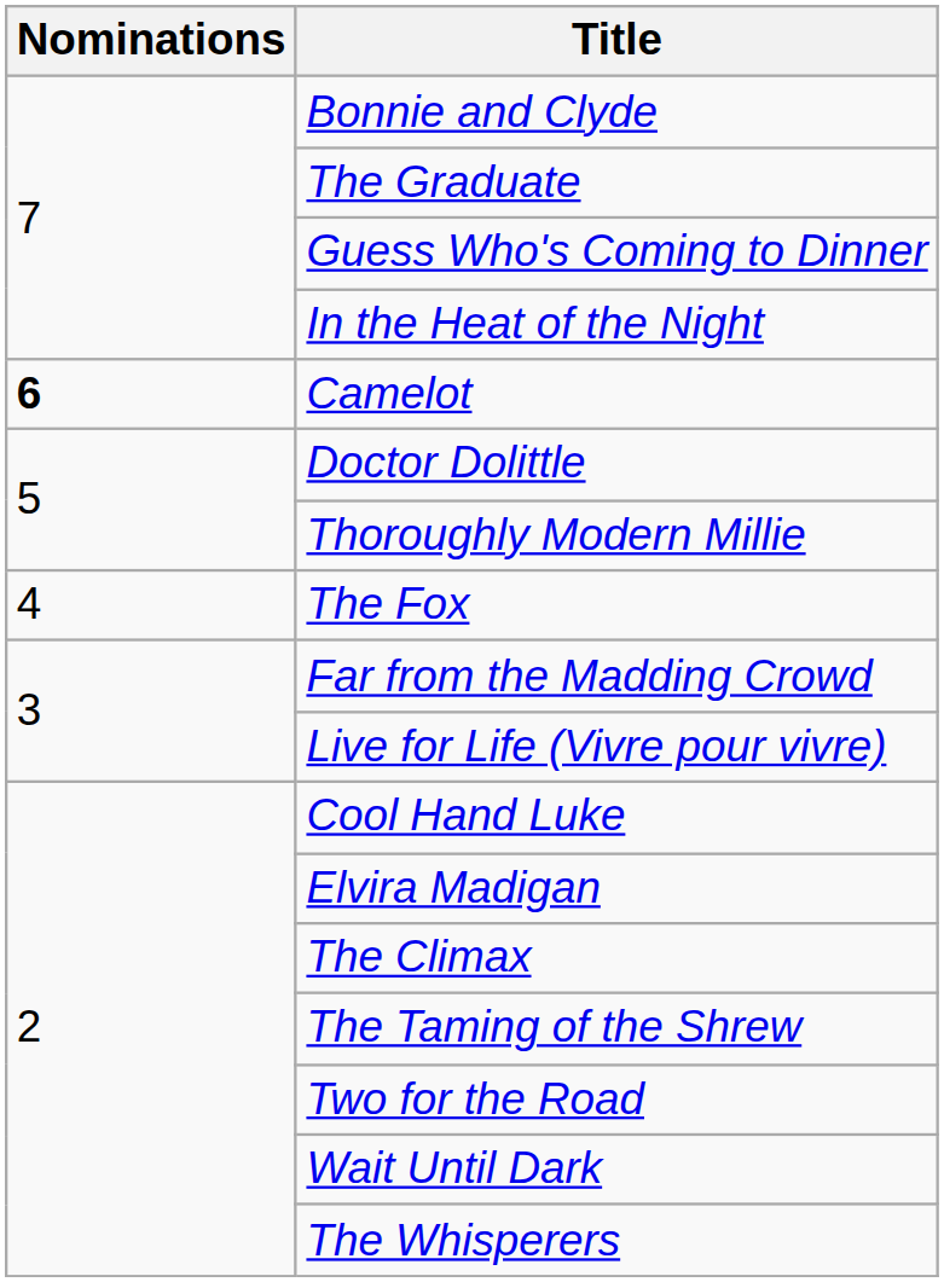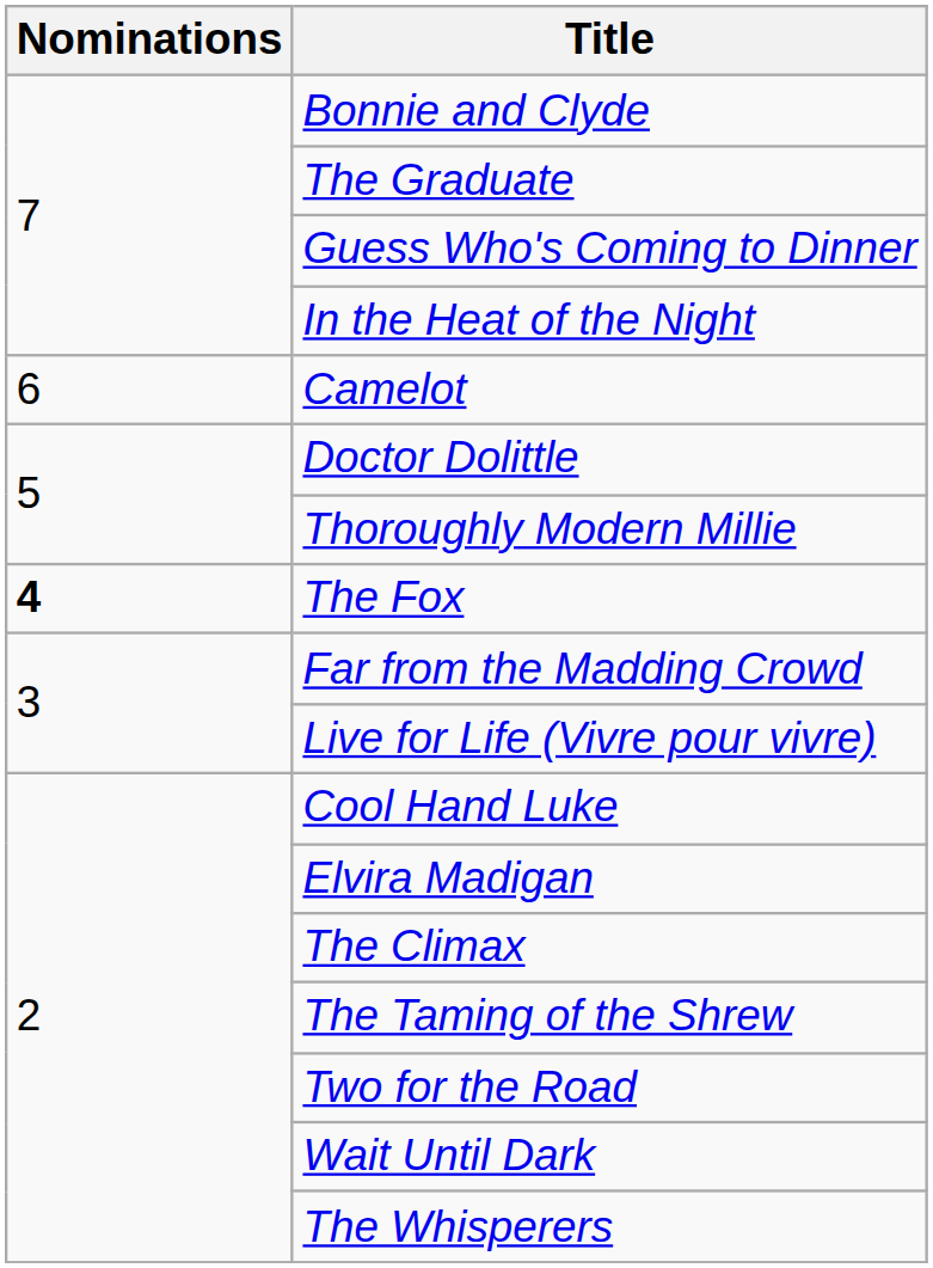 <table class="wikitable">
 <tr>
 <th>Nominations</th>
 <th>Title</th>
 </tr>
 <tr>
 <td rowspan="4">7</td>
 <td><em><a href='#'>Bonnie and Clyde</a></em></td>
 </tr>
 <tr>
 <td><em><a href='#'>The Graduate</a></em></td>
 </tr>
 <tr>
 <td><em><a href='#'>Guess Who's Coming to Dinner</a></em></td>
 </tr>
 <tr>
 <td><em><a href='#'>In the Heat of the Night</a></em></td>
 </tr>
 <tr>
-<td><strong>6</strong></td>
+<td>6</td>
 <td><em><a href='#'>Camelot</a></em></td>
 </tr>
 <tr>
 <td rowspan="2">5</td>
 <td><em><a href='#'>Doctor Dolittle</a></em></td>
 </tr>
 <tr>
 <td><em><a href='#'>Thoroughly Modern Millie</a></em></td>
 </tr>
 <tr>
-<td>4</td>
+<td><strong>4</strong></td>
 <td><em><a href='#'>The Fox</a></em></td>
 </tr>
 <tr>
 <td rowspan="2">3</td>
 <td><em><a href='#'>Far from the Madding Crowd</a></em></td>
 </tr>
 <tr>
 <td><em><a href='#'>Live for Life (Vivre pour vivre)</a></em></td>
 </tr>
 <tr>
 <td rowspan="7">2</td>
 <td><em><a href='#'>Cool Hand Luke</a></em></td>
 </tr>
 <tr>
 <td><em><a href='#'>Elvira Madigan</a></em></td>
 </tr>
 <tr>
 <td><em><a href='#'>The Climax</a></em></td>
 </tr>
 <tr>
 <td><em><a href='#'>The Taming of the Shrew</a></em></td>
 </tr>
 <tr>
 <td><em><a href='#'>Two for the Road</a></em></td>
 </tr>
 <tr>
 <td><em><a href='#'>Wait Until Dark</a></em></td>
 </tr>
 <tr>
 <td><em><a href='#'>The Whisperers</a></em></td>
 </tr>
 </table>
